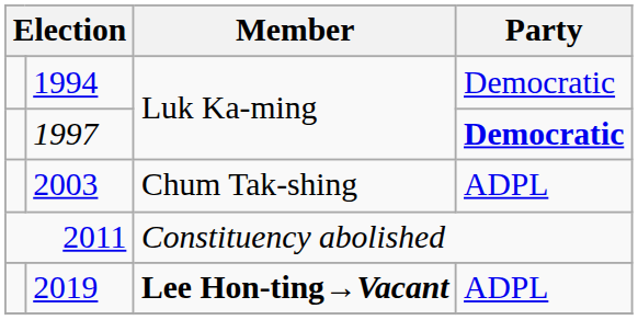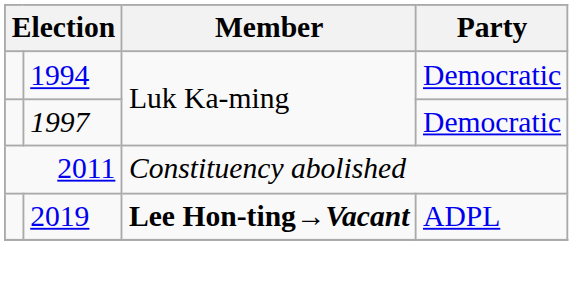 <table class="wikitable">
 <tr>
 <th colspan="2">Election</th>
 <th>Member</th>
 <th>Party</th>
 </tr>
 <tr>
 <td style="color:inherit;background:"></td>
 <td><a href='#'>1994</a></td>
 <td rowspan=2>Luk Ka-ming</td>
 <td><a href='#'>Democratic</a></td>
 </tr>
 <tr>
 <td style="color:inherit;background:"></td>
 <td><em>1997</em></td>
-<td><strong><a href='#'>Democratic</a></strong></td>
-</tr>
-<tr>
-<td style="color:inherit;background:"></td>
-<td><a href='#'>2003</a></td>
-<td>Chum Tak-shing</td>
-<td><a href='#'>ADPL</a></td>
+<td><a href='#'>Democratic</a></td>
 </tr>
 <tr>
 <td colspan=2 align=right><a href='#'>2011</a></td>
 <td colspan=2><em>Constituency abolished</em></td>
 </tr>
 <tr>
 <td style="color:inherit;background:"></td>
 <td><a href='#'>2019</a></td>
 <td><strong>Lee Hon-ting→<em>Vacant</em></strong></td>
 <td><a href='#'>ADPL</a></td>
 </tr>
 <tr>
 </tr>
 </table>
